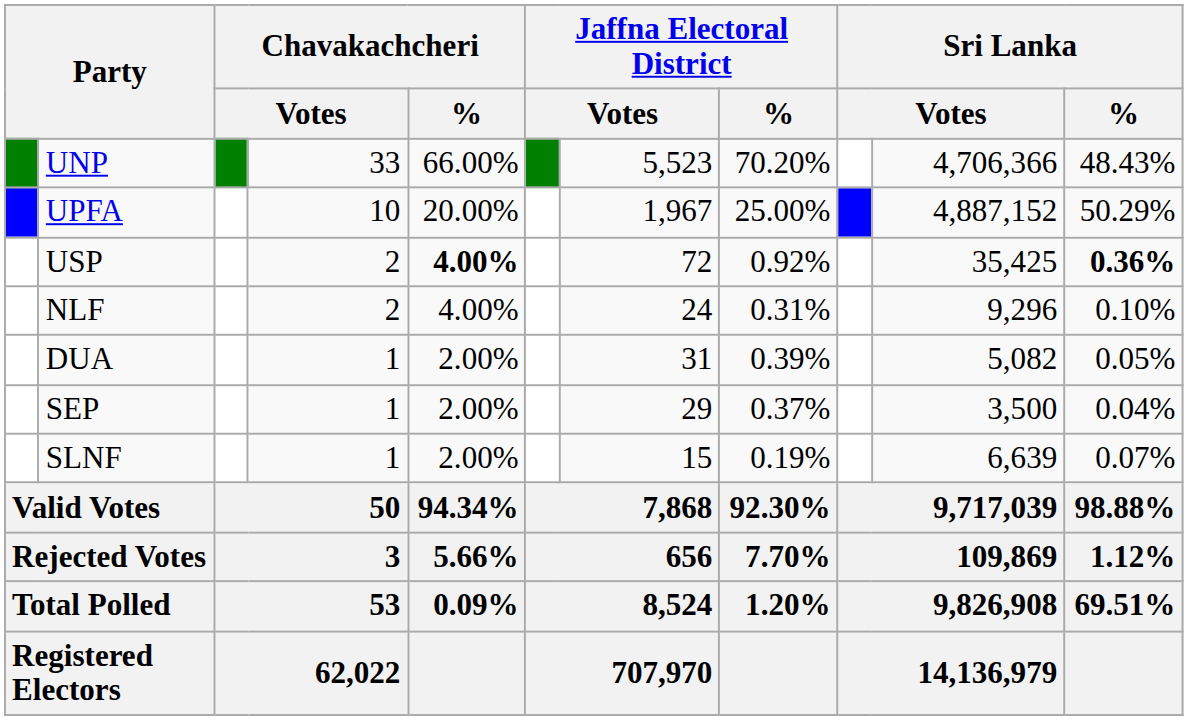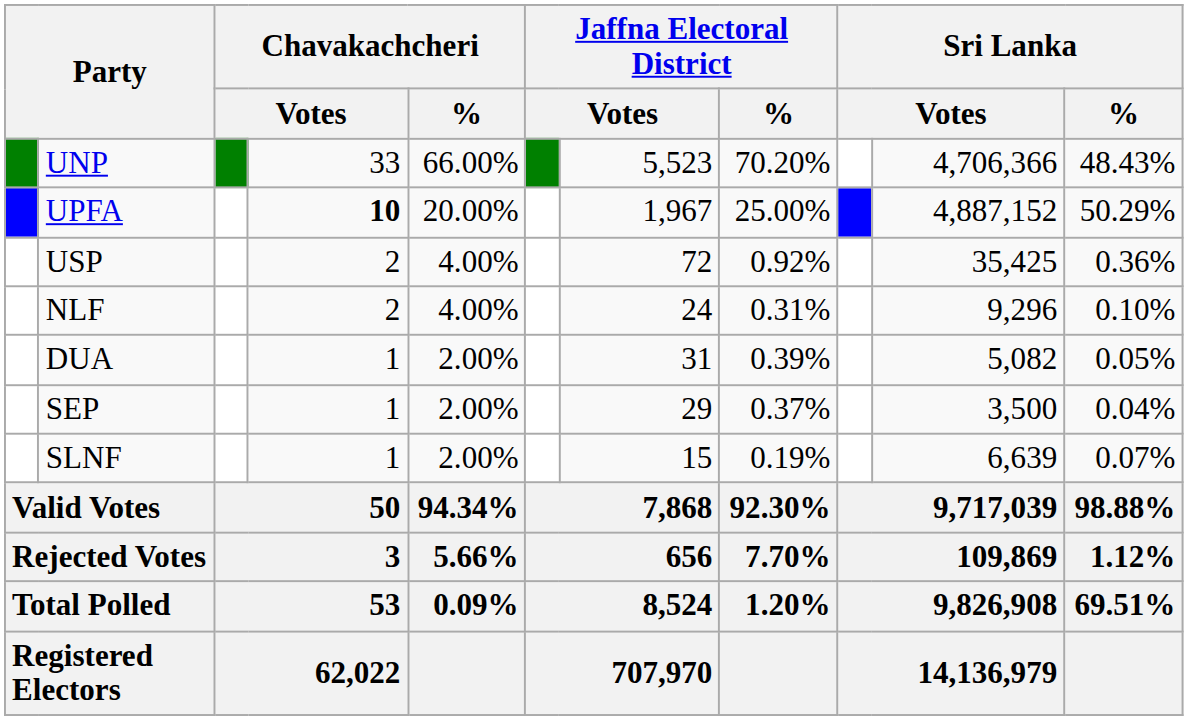 <table class="wikitable">
 <tr>
 <th colspan="2" width="144px"rowspan="2">Party</th>
 <th colspan="3" width="216px">Chavakachcheri</th>
 <th colspan="3" width="216px"><a href='#'>Jaffna Electoral District</a></th>
 <th colspan="3" width="216px">Sri Lanka</th>
 </tr>
 <tr>
 <th colspan="2" width="144px">Votes</th>
 <th>%</th>
 <th colspan="2" width="144px">Votes</th>
 <th>%</th>
 <th colspan="2" width="144px">Votes</th>
 <th>%</th>
 </tr>
 <tr>
 <td style="background-color:green;" width="10px"></td>
 <td style="text-align:left;"><a href='#'>UNP</a></td>
 <td style="background-color:green;" width="10px"></td>
 <td style="text-align:right;">33</td>
 <td style="text-align:right;">66.00%</td>
 <td style="background-color:green;" width="10px"></td>
 <td style="text-align:right;">5,523</td>
 <td style="text-align:right;">70.20%</td>
 <td style="background-color:white;" width="10px"></td>
 <td style="text-align:right;">4,706,366</td>
 <td style="text-align:right;">48.43%</td>
 </tr>
 <tr>
 <td style="background-color:blue;" width="10px"></td>
 <td style="text-align:left;"><a href='#'>UPFA</a></td>
 <td style="background-color:white;" width="10px"></td>
-<td style="text-align:right;">10</td>
+<td style="text-align:right;"><strong>10</strong></td>
 <td style="text-align:right;">20.00%</td>
 <td style="background-color:white;" width="10px"></td>
 <td style="text-align:right;">1,967</td>
 <td style="text-align:right;">25.00%</td>
 <td style="background-color:blue;" width="10px"></td>
 <td style="text-align:right;">4,887,152</td>
 <td style="text-align:right;">50.29%</td>
 </tr>
 <tr>
 <td style="background-color:white;" width="10px"></td>
 <td style="text-align:left;">USP</td>
 <td style="background-color:white;" width="10px"></td>
 <td style="text-align:right;">2</td>
-<td style="text-align:right;"><strong>4.00%</strong></td>
+<td style="text-align:right;">4.00%</td>
 <td style="background-color:white;" width="10px"></td>
 <td style="text-align:right;">72</td>
 <td style="text-align:right;">0.92%</td>
 <td style="background-color:white;" width="10px"></td>
 <td style="text-align:right;">35,425</td>
-<td style="text-align:right;"><strong>0.36%</strong></td>
+<td style="text-align:right;">0.36%</td>
 </tr>
 <tr>
 <td style="background-color:white;" width="10px"></td>
 <td style="text-align:left;">NLF</td>
 <td style="background-color:white;" width="10px"></td>
 <td style="text-align:right;">2</td>
 <td style="text-align:right;">4.00%</td>
 <td style="background-color:white;" width="10px"></td>
 <td style="text-align:right;">24</td>
 <td style="text-align:right;">0.31%</td>
 <td style="background-color:white;" width="10px"></td>
 <td style="text-align:right;">9,296</td>
 <td style="text-align:right;">0.10%</td>
 </tr>
 <tr>
 <td style="background-color:white;" width="10px"></td>
 <td style="text-align:left;">DUA</td>
 <td style="background-color:white;" width="10px"></td>
 <td style="text-align:right;">1</td>
 <td style="text-align:right;">2.00%</td>
 <td style="background-color:white;" width="10px"></td>
 <td style="text-align:right;">31</td>
 <td style="text-align:right;">0.39%</td>
 <td style="background-color:white;" width="10px"></td>
 <td style="text-align:right;">5,082</td>
 <td style="text-align:right;">0.05%</td>
 </tr>
 <tr>
 <td style="background-color:white;" width="10px"></td>
 <td style="text-align:left;">SEP</td>
 <td style="background-color:white;" width="10px"></td>
 <td style="text-align:right;">1</td>
 <td style="text-align:right;">2.00%</td>
 <td style="background-color:white;" width="10px"></td>
 <td style="text-align:right;">29</td>
 <td style="text-align:right;">0.37%</td>
 <td style="background-color:white;" width="10px"></td>
 <td style="text-align:right;">3,500</td>
 <td style="text-align:right;">0.04%</td>
 </tr>
 <tr>
 <td style="background-color:white;" width="10px"></td>
 <td style="text-align:left;">SLNF</td>
 <td style="background-color:white;" width="10px"></td>
 <td style="text-align:right;">1</td>
 <td style="text-align:right;">2.00%</td>
 <td style="background-color:white;" width="10px"></td>
 <td style="text-align:right;">15</td>
 <td style="text-align:right;">0.19%</td>
 <td style="background-color:white;" width="10px"></td>
 <td style="text-align:right;">6,639</td>
 <td style="text-align:right;">0.07%</td>
 </tr>
 <tr>
 <th colspan="2" width="144px"style="text-align:left;">Valid Votes</th>
 <th style="text-align:right;"colspan="2" width="144px">50</th>
 <th style="text-align:right;">94.34%</th>
 <th style="text-align:right;"colspan="2" width="144px">7,868</th>
 <th style="text-align:right;">92.30%</th>
 <th style="text-align:right;"colspan="2" width="144px">9,717,039</th>
 <th style="text-align:right;">98.88%</th>
 </tr>
 <tr>
 <th colspan="2" width="144px"style="text-align:left;">Rejected Votes</th>
 <th style="text-align:right;"colspan="2" width="144px">3</th>
 <th style="text-align:right;">5.66%</th>
 <th style="text-align:right;"colspan="2" width="144px">656</th>
 <th style="text-align:right;">7.70%</th>
 <th style="text-align:right;"colspan="2" width="144px">109,869</th>
 <th style="text-align:right;">1.12%</th>
 </tr>
 <tr>
 <th colspan="2" width="144px"style="text-align:left;">Total Polled</th>
 <th style="text-align:right;"colspan="2" width="144px">53</th>
 <th style="text-align:right;">0.09%</th>
 <th style="text-align:right;"colspan="2" width="144px">8,524</th>
 <th style="text-align:right;">1.20%</th>
 <th style="text-align:right;"colspan="2" width="144px">9,826,908</th>
 <th style="text-align:right;">69.51%</th>
 </tr>
 <tr>
 <th colspan="2" width="144px"style="text-align:left;">Registered Electors</th>
 <th style="text-align:right;"colspan="2" width="144px">62,022</th>
 <th></th>
 <th style="text-align:right;"colspan="2" width="144px">707,970</th>
 <th></th>
 <th style="text-align:right;"colspan="2" width="144px">14,136,979</th>
 <th></th>
 </tr>
 </table>
